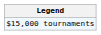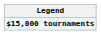 <table class=wikitable style="font-size:90%">
 <tr>
 <th>Legend</th>
 </tr>
 <tr bgcolor=#f0f8ff>
-<td>$15,000 tournaments</td>
+<td><strong>$15,000 tournaments</strong></td>
 </tr>
 </table>
